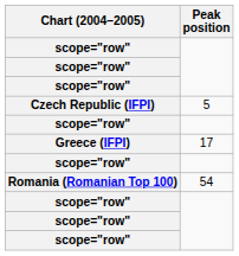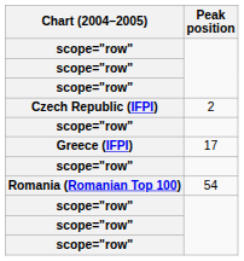 <table class="wikitable sortable plainrowheaders" style="text-align:center">
 <tr>
 <th>Chart (2004–2005)</th>
 <th>Peak<br>position</th>
 </tr>
 <tr>
 <th>scope="row"</th>
 </tr>
 <tr>
 <th>scope="row"</th>
 </tr>
 <tr>
 <th>scope="row"</th>
 </tr>
 <tr>
 <th scope="row">Czech Republic (<a href='#'>IFPI</a>)</th>
-<td>5</td>
+<td>2</td>
 </tr>
 <tr>
 <th>scope="row"</th>
 </tr>
 <tr>
 <th scope="row">Greece (<a href='#'>IFPI</a>)</th>
 <td>17</td>
 </tr>
 <tr>
 <th>scope="row"</th>
 </tr>
 <tr>
 <th scope="row">Romania (<a href='#'>Romanian Top 100</a>)</th>
 <td>54</td>
 </tr>
 <tr>
 <th>scope="row"</th>
 </tr>
 <tr>
 <th>scope="row"</th>
 </tr>
 <tr>
 <th>scope="row"</th>
 </tr>
 </table>
